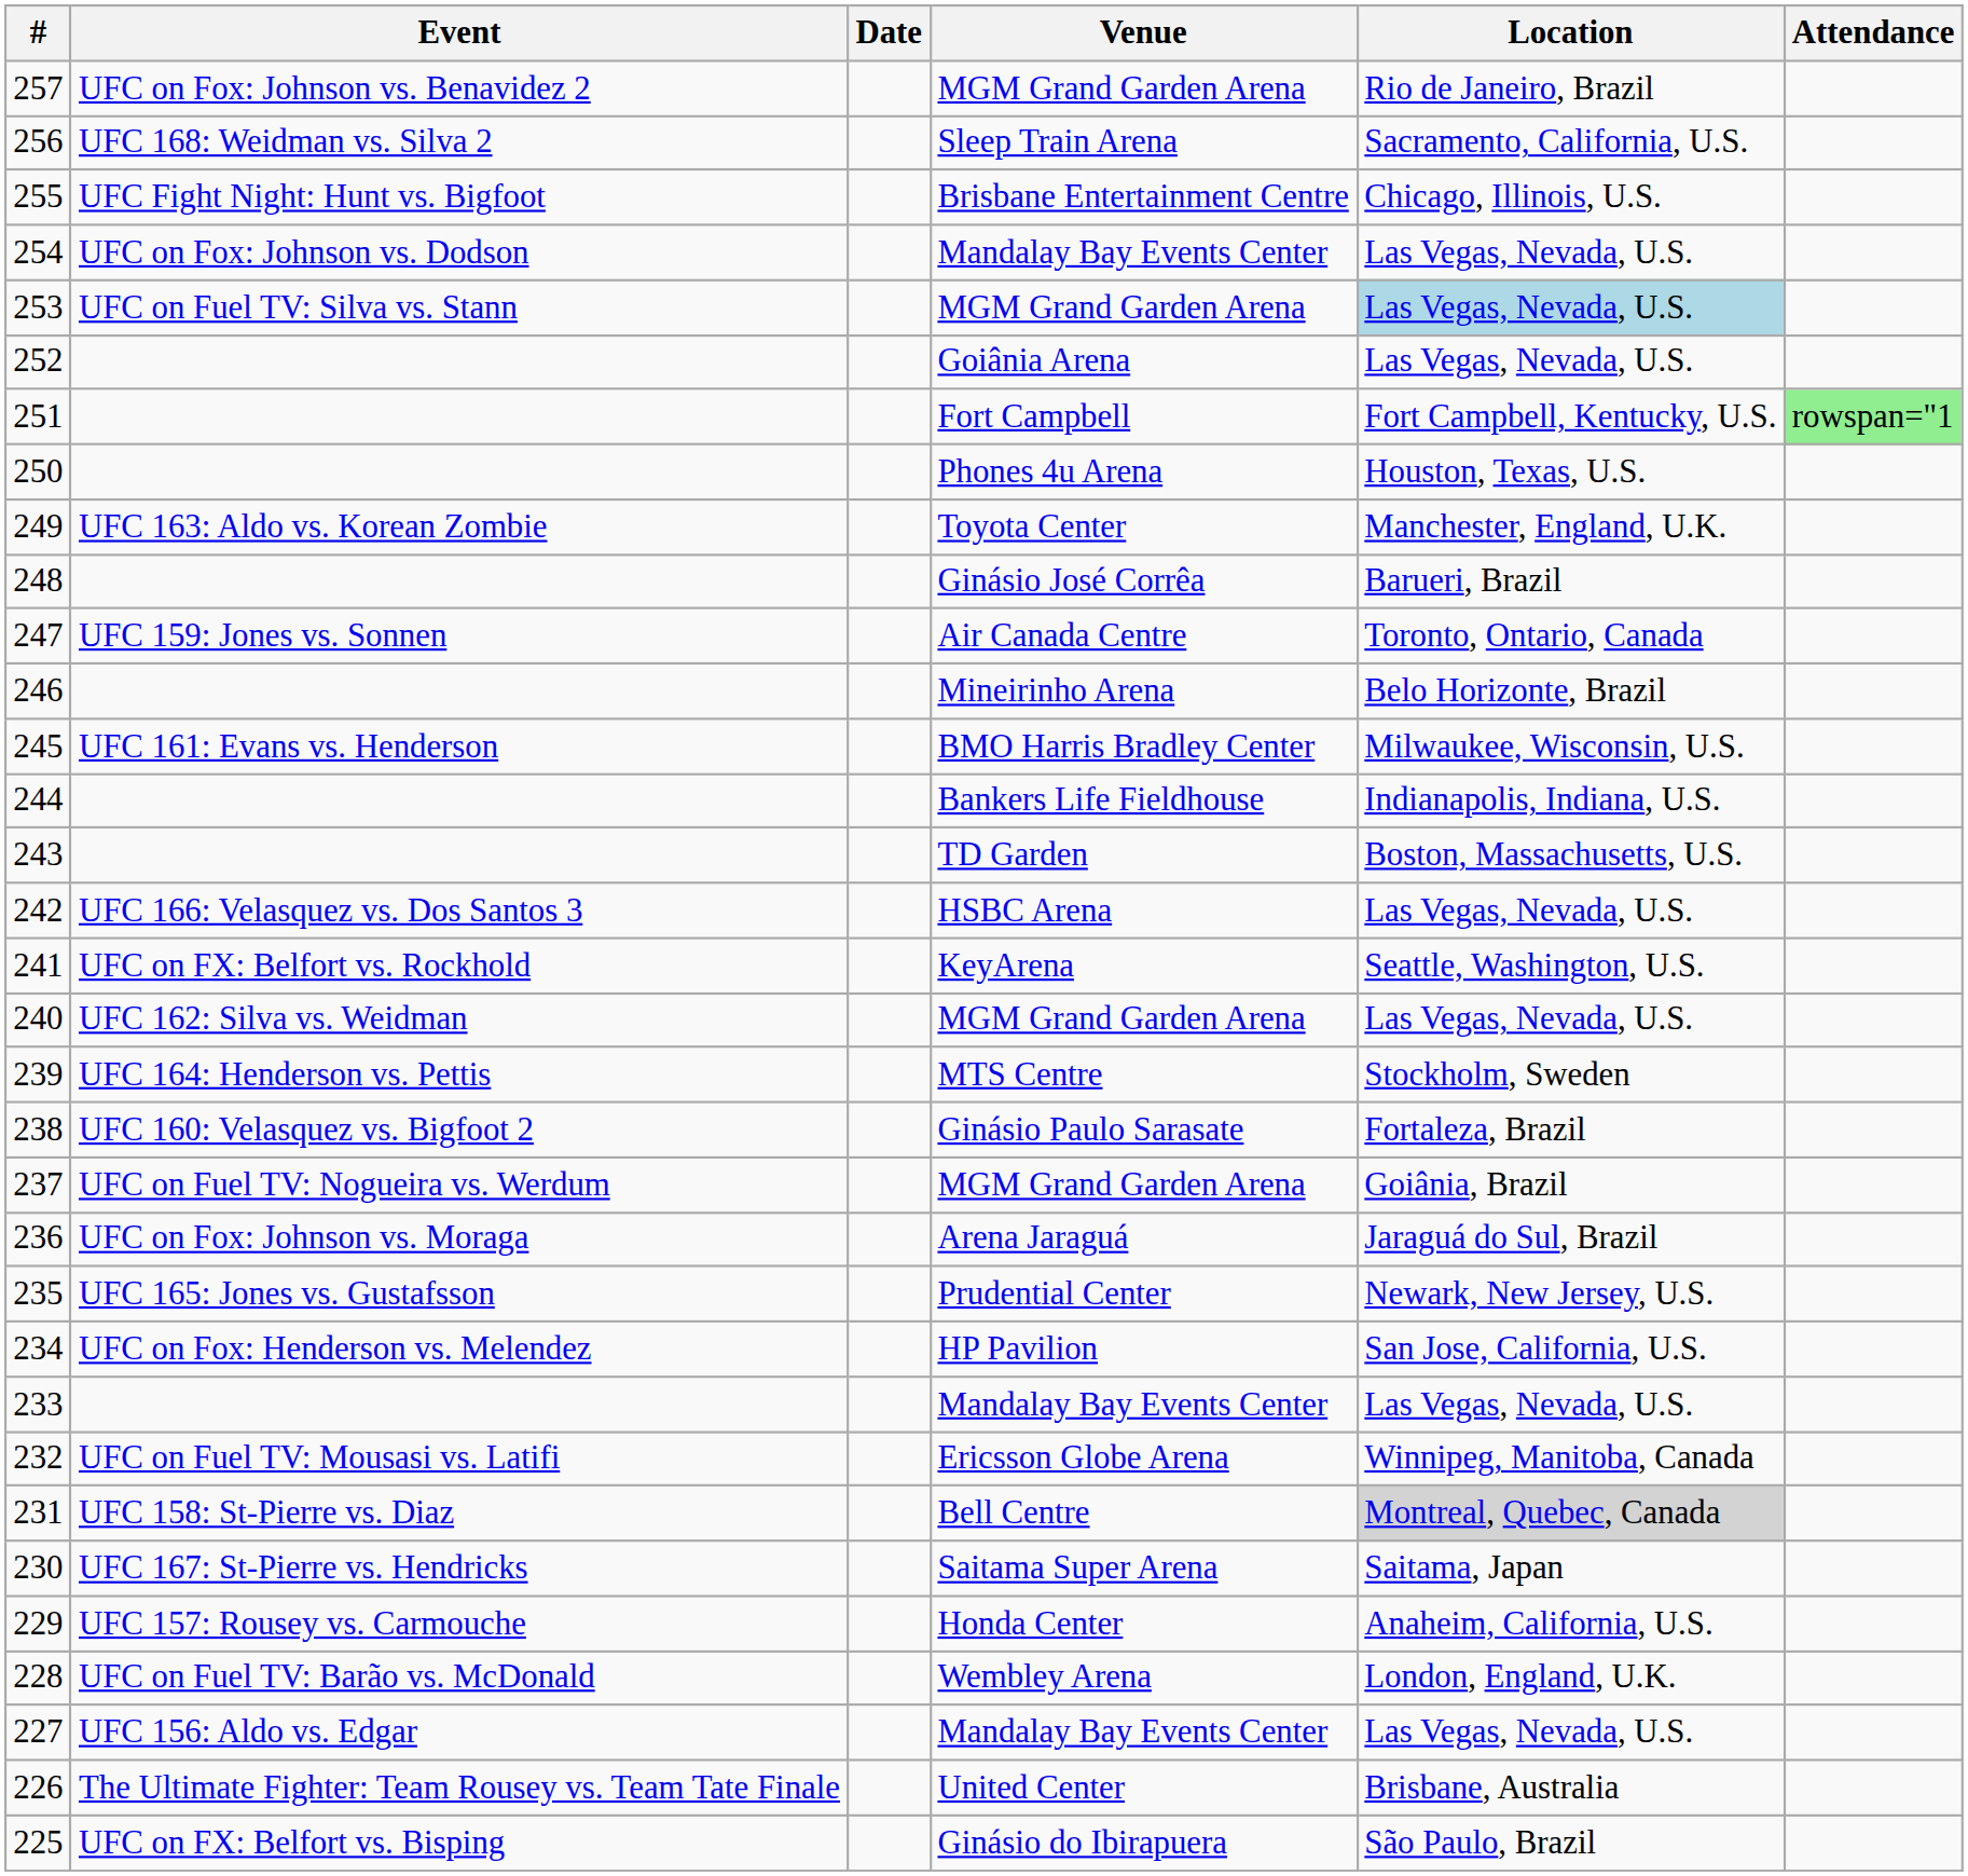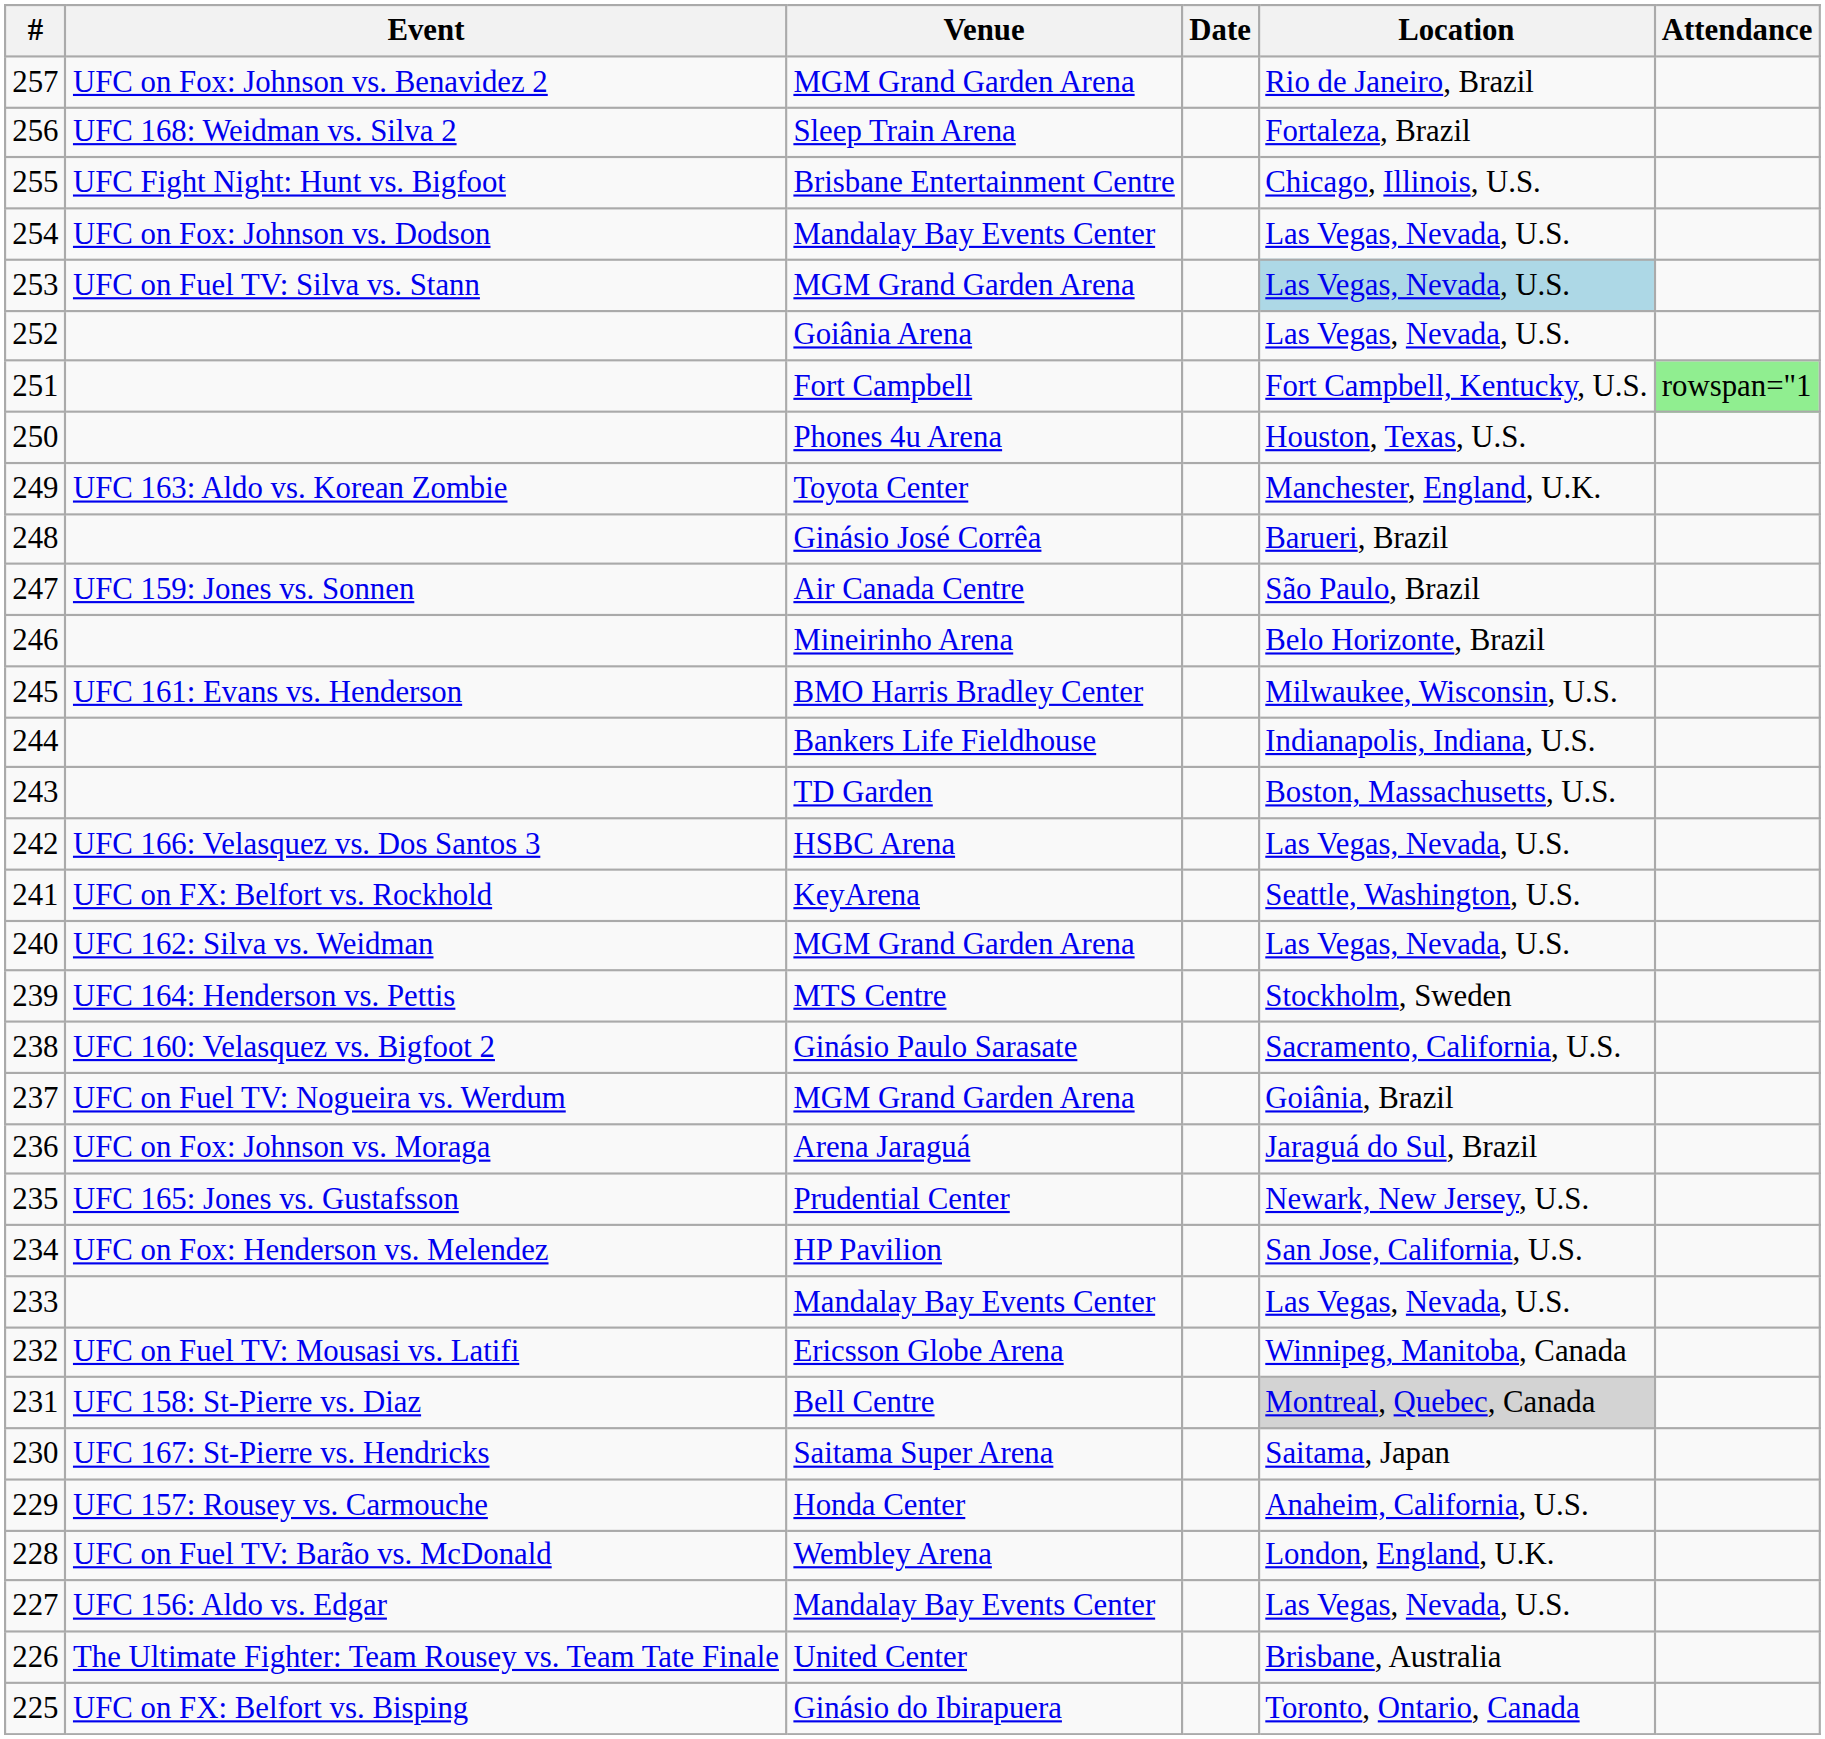 <table class="sortable wikitable succession-box" style="font-size:90%;">
 <tr>
 <th scope="col">#</th>
 <th scope="col">Event</th>
+<th scope="col">Venue</th>
 <th scope="col">Date</th>
-<th scope="col">Venue</th>
 <th scope="col">Location</th>
 <th scope="col">Attendance</th>
 </tr>
 <tr>
 <td>257</td>
 <td><a href='#'>UFC on Fox: Johnson vs. Benavidez 2</a></td>
+<td><a href='#'>MGM Grand Garden Arena</a></td>
 <td></td>
-<td><a href='#'>MGM Grand Garden Arena</a></td>
 <td><a href='#'>Rio de Janeiro</a>, Brazil</td>
 <td></td>
 </tr>
 <tr>
 <td>256</td>
 <td><a href='#'>UFC 168: Weidman vs. Silva 2</a></td>
+<td><a href='#'>Sleep Train Arena</a></td>
 <td></td>
-<td><a href='#'>Sleep Train Arena</a></td>
-<td><a href='#'>Sacramento, California</a>, U.S.</td>
+<td><a href='#'>Fortaleza</a>, Brazil</td>
 <td></td>
 </tr>
 <tr>
 <td>255</td>
 <td><a href='#'>UFC Fight Night: Hunt vs. Bigfoot</a></td>
+<td><a href='#'>Brisbane Entertainment Centre</a></td>
 <td></td>
-<td><a href='#'>Brisbane Entertainment Centre</a></td>
 <td><a href='#'>Chicago</a>, <a href='#'>Illinois</a>, U.S.</td>
 <td></td>
 </tr>
 <tr>
 <td>254</td>
 <td><a href='#'>UFC on Fox: Johnson vs. Dodson</a></td>
+<td><a href='#'>Mandalay Bay Events Center</a></td>
 <td></td>
-<td><a href='#'>Mandalay Bay Events Center</a></td>
 <td><a href='#'>Las Vegas, Nevada</a>, U.S.</td>
 <td></td>
 </tr>
 <tr>
 <td>253</td>
 <td><a href='#'>UFC on Fuel TV: Silva vs. Stann</a></td>
+<td><a href='#'>MGM Grand Garden Arena</a></td>
 <td></td>
-<td><a href='#'>MGM Grand Garden Arena</a></td>
 <td style="background: lightblue;"><a href='#'>Las Vegas, Nevada</a>, U.S.</td>
 <td></td>
 </tr>
 <tr>
 <td>252</td>
 <td></td>
+<td><a href='#'>Goiânia Arena</a></td>
 <td></td>
-<td><a href='#'>Goiânia Arena</a></td>
 <td><a href='#'>Las Vegas</a>, <a href='#'>Nevada</a>, U.S.</td>
 <td></td>
 </tr>
 <tr>
 <td>251</td>
 <td></td>
+<td><a href='#'>Fort Campbell</a></td>
 <td></td>
-<td><a href='#'>Fort Campbell</a></td>
 <td><a href='#'>Fort Campbell, Kentucky</a>, U.S.</td>
 <td style="background: lightgreen;">rowspan="1 </td>
 </tr>
 <tr>
 <td>250</td>
 <td></td>
+<td><a href='#'>Phones 4u Arena</a></td>
 <td></td>
-<td><a href='#'>Phones 4u Arena</a></td>
 <td><a href='#'>Houston</a>, <a href='#'>Texas</a>, U.S.</td>
 <td></td>
 </tr>
 <tr>
 <td>249</td>
 <td><a href='#'>UFC 163: Aldo vs. Korean Zombie</a></td>
+<td><a href='#'>Toyota Center</a></td>
 <td></td>
-<td><a href='#'>Toyota Center</a></td>
 <td><a href='#'>Manchester</a>, <a href='#'>England</a>, U.K.</td>
 <td></td>
 </tr>
 <tr>
 <td>248</td>
 <td></td>
+<td><a href='#'>Ginásio José Corrêa</a></td>
 <td></td>
-<td><a href='#'>Ginásio José Corrêa</a></td>
 <td><a href='#'>Barueri</a>, Brazil</td>
 <td></td>
 </tr>
 <tr>
 <td>247</td>
 <td><a href='#'>UFC 159: Jones vs. Sonnen</a></td>
+<td><a href='#'>Air Canada Centre</a></td>
 <td></td>
-<td><a href='#'>Air Canada Centre</a></td>
-<td><a href='#'>Toronto</a>, <a href='#'>Ontario</a>, <a href='#'>Canada</a></td>
+<td><a href='#'>São Paulo</a>, Brazil</td>
 <td></td>
 </tr>
 <tr>
 <td>246</td>
 <td></td>
+<td><a href='#'>Mineirinho Arena</a></td>
 <td></td>
-<td><a href='#'>Mineirinho Arena</a></td>
 <td><a href='#'>Belo Horizonte</a>, Brazil</td>
 <td></td>
 </tr>
 <tr>
 <td>245</td>
 <td><a href='#'>UFC 161: Evans vs. Henderson</a></td>
+<td><a href='#'>BMO Harris Bradley Center</a></td>
 <td></td>
-<td><a href='#'>BMO Harris Bradley Center</a></td>
 <td><a href='#'>Milwaukee, Wisconsin</a>, U.S.</td>
 <td></td>
 </tr>
 <tr>
 <td>244</td>
 <td></td>
+<td><a href='#'>Bankers Life Fieldhouse</a></td>
 <td></td>
-<td><a href='#'>Bankers Life Fieldhouse</a></td>
 <td><a href='#'>Indianapolis, Indiana</a>, U.S.</td>
 <td></td>
 </tr>
 <tr>
 <td>243</td>
 <td></td>
+<td><a href='#'>TD Garden</a></td>
 <td></td>
-<td><a href='#'>TD Garden</a></td>
 <td><a href='#'>Boston, Massachusetts</a>, U.S.</td>
 <td></td>
 </tr>
 <tr>
 <td>242</td>
 <td><a href='#'>UFC 166: Velasquez vs. Dos Santos 3</a></td>
+<td><a href='#'>HSBC Arena</a></td>
 <td></td>
-<td><a href='#'>HSBC Arena</a></td>
 <td><a href='#'>Las Vegas, Nevada</a>, U.S.</td>
 <td></td>
 </tr>
 <tr>
 <td>241</td>
 <td><a href='#'>UFC on FX: Belfort vs. Rockhold</a></td>
+<td><a href='#'>KeyArena</a></td>
 <td></td>
-<td><a href='#'>KeyArena</a></td>
 <td><a href='#'>Seattle, Washington</a>, U.S.</td>
 <td></td>
 </tr>
 <tr>
 <td>240</td>
 <td><a href='#'>UFC 162: Silva vs. Weidman</a></td>
+<td><a href='#'>MGM Grand Garden Arena</a></td>
 <td></td>
-<td><a href='#'>MGM Grand Garden Arena</a></td>
 <td><a href='#'>Las Vegas, Nevada</a>, U.S.</td>
 <td></td>
 </tr>
 <tr>
 <td>239</td>
 <td><a href='#'>UFC 164: Henderson vs. Pettis</a></td>
+<td><a href='#'>MTS Centre</a></td>
 <td></td>
-<td><a href='#'>MTS Centre</a></td>
 <td><a href='#'>Stockholm</a>, Sweden</td>
 <td></td>
 </tr>
 <tr>
 <td>238</td>
 <td><a href='#'>UFC 160: Velasquez vs. Bigfoot 2</a></td>
+<td><a href='#'>Ginásio Paulo Sarasate</a></td>
 <td></td>
-<td><a href='#'>Ginásio Paulo Sarasate</a></td>
-<td><a href='#'>Fortaleza</a>, Brazil</td>
+<td><a href='#'>Sacramento, California</a>, U.S.</td>
 <td></td>
 </tr>
 <tr>
 <td>237</td>
 <td><a href='#'>UFC on Fuel TV: Nogueira vs. Werdum</a></td>
+<td><a href='#'>MGM Grand Garden Arena</a></td>
 <td></td>
-<td><a href='#'>MGM Grand Garden Arena</a></td>
 <td><a href='#'>Goiânia</a>, Brazil</td>
 <td></td>
 </tr>
 <tr>
 <td>236</td>
 <td><a href='#'>UFC on Fox: Johnson vs. Moraga</a></td>
+<td><a href='#'>Arena Jaraguá</a></td>
 <td></td>
-<td><a href='#'>Arena Jaraguá</a></td>
 <td><a href='#'>Jaraguá do Sul</a>, Brazil</td>
 <td></td>
 </tr>
 <tr>
 <td>235</td>
 <td><a href='#'>UFC 165: Jones vs. Gustafsson</a></td>
+<td><a href='#'>Prudential Center</a></td>
 <td></td>
-<td><a href='#'>Prudential Center</a></td>
 <td><a href='#'>Newark, New Jersey</a>, U.S.</td>
 <td></td>
 </tr>
 <tr>
 <td>234</td>
 <td><a href='#'>UFC on Fox: Henderson vs. Melendez</a></td>
+<td><a href='#'>HP Pavilion</a></td>
 <td></td>
-<td><a href='#'>HP Pavilion</a></td>
 <td><a href='#'>San Jose, California</a>, U.S.</td>
 <td></td>
 </tr>
 <tr>
 <td>233</td>
 <td></td>
+<td><a href='#'>Mandalay Bay Events Center</a></td>
 <td></td>
-<td><a href='#'>Mandalay Bay Events Center</a></td>
 <td><a href='#'>Las Vegas</a>, <a href='#'>Nevada</a>, U.S.</td>
 <td></td>
 </tr>
 <tr>
 <td>232</td>
 <td><a href='#'>UFC on Fuel TV: Mousasi vs. Latifi</a></td>
+<td><a href='#'>Ericsson Globe Arena</a></td>
 <td></td>
-<td><a href='#'>Ericsson Globe Arena</a></td>
 <td><a href='#'>Winnipeg, Manitoba</a>, Canada</td>
 <td></td>
 </tr>
 <tr>
 <td>231</td>
 <td><a href='#'>UFC 158: St-Pierre vs. Diaz</a></td>
+<td><a href='#'>Bell Centre</a></td>
 <td></td>
-<td><a href='#'>Bell Centre</a></td>
 <td style="background: lightgrey;"><a href='#'>Montreal</a>, <a href='#'>Quebec</a>, Canada</td>
 <td></td>
 </tr>
 <tr>
 <td>230</td>
 <td><a href='#'>UFC 167: St-Pierre vs. Hendricks</a></td>
+<td><a href='#'>Saitama Super Arena</a></td>
 <td></td>
-<td><a href='#'>Saitama Super Arena</a></td>
 <td><a href='#'>Saitama</a>, Japan</td>
 <td></td>
 </tr>
 <tr>
 <td>229</td>
 <td><a href='#'>UFC 157: Rousey vs. Carmouche</a></td>
+<td><a href='#'>Honda Center</a></td>
 <td></td>
-<td><a href='#'>Honda Center</a></td>
 <td><a href='#'>Anaheim, California</a>, U.S.</td>
 <td></td>
 </tr>
 <tr>
 <td>228</td>
 <td><a href='#'>UFC on Fuel TV: Barão vs. McDonald</a></td>
+<td><a href='#'>Wembley Arena</a></td>
 <td></td>
-<td><a href='#'>Wembley Arena</a></td>
 <td><a href='#'>London</a>, <a href='#'>England</a>, U.K.</td>
 <td></td>
 </tr>
 <tr>
 <td>227</td>
 <td><a href='#'>UFC 156: Aldo vs. Edgar</a></td>
+<td><a href='#'>Mandalay Bay Events Center</a></td>
 <td></td>
-<td><a href='#'>Mandalay Bay Events Center</a></td>
 <td><a href='#'>Las Vegas</a>, <a href='#'>Nevada</a>, U.S.</td>
 <td></td>
 </tr>
 <tr>
 <td>226</td>
 <td><a href='#'>The Ultimate Fighter: Team Rousey vs. Team Tate Finale</a></td>
+<td><a href='#'>United Center</a></td>
 <td></td>
-<td><a href='#'>United Center</a></td>
 <td><a href='#'>Brisbane</a>, Australia</td>
 <td></td>
 </tr>
 <tr>
 <td>225</td>
 <td><a href='#'>UFC on FX: Belfort vs. Bisping</a></td>
+<td><a href='#'>Ginásio do Ibirapuera</a></td>
 <td></td>
-<td><a href='#'>Ginásio do Ibirapuera</a></td>
-<td><a href='#'>São Paulo</a>, Brazil</td>
+<td><a href='#'>Toronto</a>, <a href='#'>Ontario</a>, <a href='#'>Canada</a></td>
 <td></td>
 </tr>
 </table>
